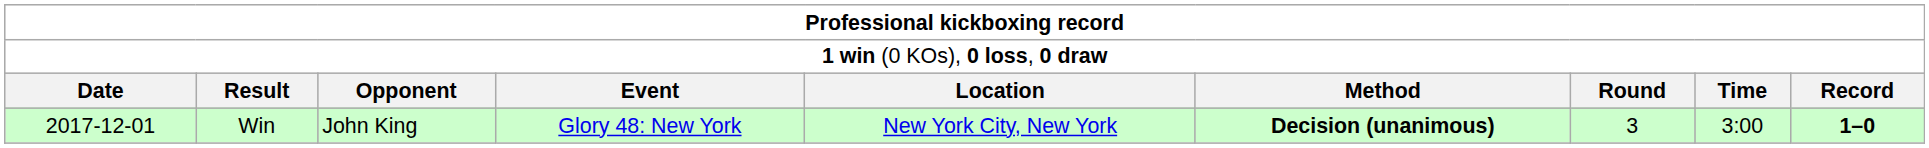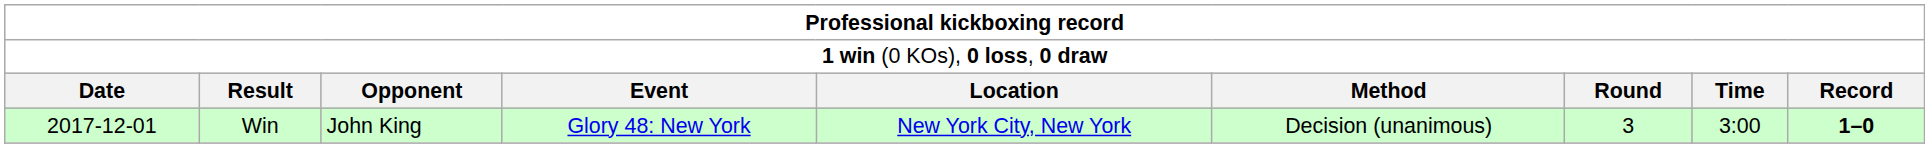 <table class="wikitable collapsible" style="font-size:88%; text-align:center; width:100%;">
 <tr>
 <th colspan=9 style="background:#fff">Professional kickboxing record</th>
 </tr>
 <tr>
 <td colspan=9 style="background:#fff"><strong>1 win</strong> (0 KOs), <strong>0 loss</strong>, <strong>0 draw</strong></td>
 </tr>
 <tr>
 <th>Date</th>
 <th>Result</th>
 <th>Opponent</th>
 <th>Event</th>
 <th>Location</th>
 <th>Method</th>
 <th>Round</th>
 <th>Time</th>
 <th>Record</th>
 </tr>
 <tr style="text-align:center; background:#cfc;">
 <td>2017-12-01</td>
 <td>Win</td>
 <td align=left> John King</td>
 <td><a href='#'>Glory 48: New York</a></td>
 <td><a href='#'>New York City, New York</a></td>
-<td><strong>Decision (unanimous)</strong></td>
+<td>Decision (unanimous)</td>
 <td>3</td>
 <td>3:00</td>
 <td><strong>1–0</strong></td>
 </tr>
 </table>
